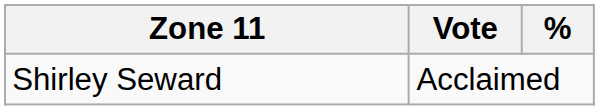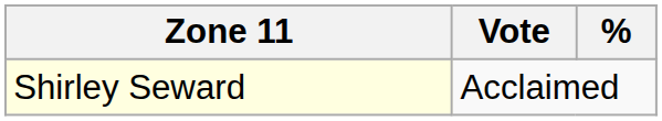 <table class="wikitable">
 <tr>
 <th bgcolor="#DDDDFF" width="200px">Zone 11</th>
 <th bgcolor="#DDDDFF" width="50px">Vote</th>
 <th bgcolor="#DDDDFF" width="30px">%</th>
 </tr>
 <tr>
-<td>Shirley Seward</td>
+<td style="background: lightyellow;">Shirley Seward</td>
 <td colspan="2">Acclaimed</td>
 </tr>
 </table>
